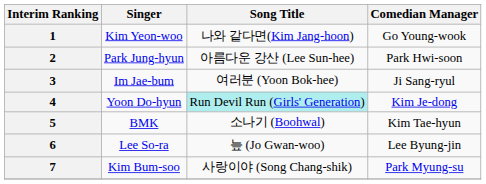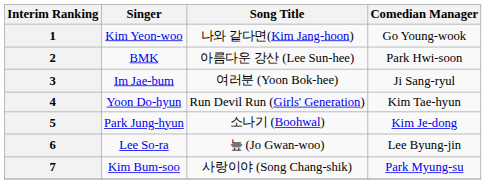 <table class="wikitable">
 <tr>
 <th>Interim Ranking</th>
 <th>Singer</th>
 <th>Song Title</th>
 <th>Comedian Manager</th>
 </tr>
 <tr align="center">
 <th>1</th>
 <td><a href='#'>Kim Yeon-woo</a></td>
 <td>나와 같다면(<a href='#'>Kim Jang-hoon</a>)</td>
 <td>Go Young-wook</td>
 </tr>
 <tr align="center">
 <th>2</th>
-<td><a href='#'>Park Jung-hyun</a></td>
+<td><a href='#'>BMK</a></td>
 <td>아름다운 강산 (Lee Sun-hee)</td>
 <td>Park Hwi-soon</td>
 </tr>
 <tr align="center">
 <th>3</th>
 <td><a href='#'>Im Jae-bum</a></td>
 <td>여러분 (Yoon Bok-hee)</td>
 <td>Ji Sang-ryul</td>
 </tr>
 <tr align="center">
 <th>4</th>
 <td><a href='#'>Yoon Do-hyun</a></td>
-<td style="background: paleturquoise;">Run Devil Run (<a href='#'>Girls' Generation</a>)</td>
-<td><a href='#'>Kim Je-dong</a></td>
+<td>Run Devil Run (<a href='#'>Girls' Generation</a>)</td>
+<td>Kim Tae-hyun</td>
 </tr>
 <tr align="center">
 <th>5</th>
-<td><a href='#'>BMK</a></td>
+<td><a href='#'>Park Jung-hyun</a></td>
 <td>소나기 (<a href='#'>Boohwal</a>)</td>
-<td>Kim Tae-hyun</td>
+<td><a href='#'>Kim Je-dong</a></td>
 </tr>
 <tr align="center">
 <th>6</th>
 <td><a href='#'>Lee So-ra</a></td>
 <td>늪 (Jo Gwan-woo)</td>
 <td>Lee Byung-jin</td>
 </tr>
 <tr align="center">
 <th>7</th>
 <td><a href='#'>Kim Bum-soo</a></td>
 <td>사랑이야 (Song Chang-shik)</td>
 <td><a href='#'>Park Myung-su</a></td>
 </tr>
 <tr>
 </tr>
 </table>
